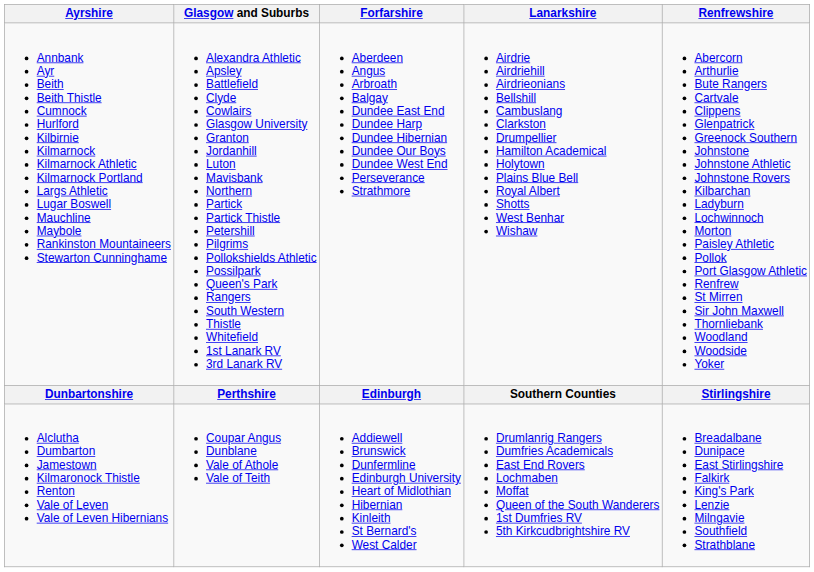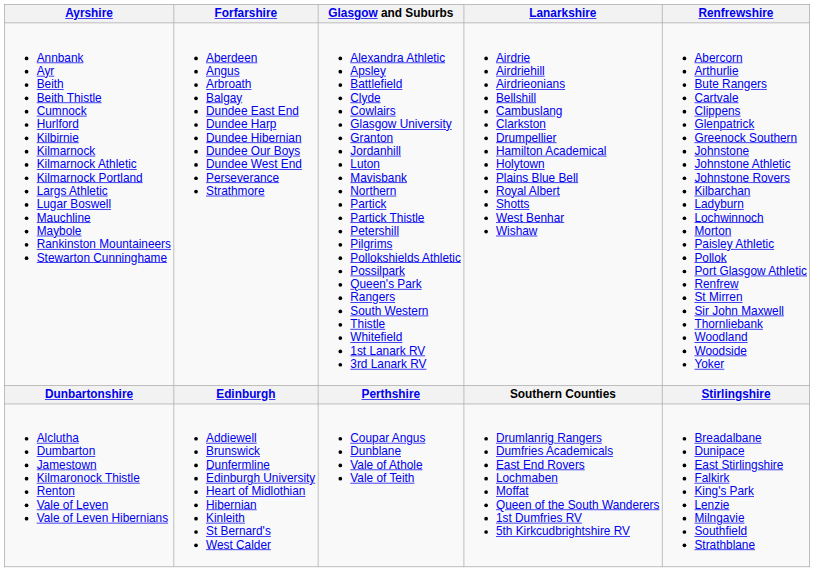 <table class="wikitable" style="text-align:left">
 <tr>
 <th><a href='#'>Ayrshire</a></th>
+<th><a href='#'>Forfarshire</a></th>
 <th><a href='#'>Glasgow</a> and Suburbs</th>
-<th><a href='#'>Forfarshire</a></th>
 <th><a href='#'>Lanarkshire</a></th>
 <th><a href='#'>Renfrewshire</a></th>
 </tr>
 <tr>
 <td valign=top><br><ul><li><a href='#'>Annbank</a></li><li><a href='#'>Ayr</a></li><li><a href='#'>Beith</a></li><li><a href='#'>Beith Thistle</a></li><li><a href='#'>Cumnock</a></li><li><a href='#'>Hurlford</a></li><li><a href='#'>Kilbirnie</a></li><li><a href='#'>Kilmarnock</a></li><li><a href='#'>Kilmarnock Athletic</a></li><li><a href='#'>Kilmarnock Portland</a></li><li><a href='#'>Largs Athletic</a></li><li><a href='#'>Lugar Boswell</a></li><li><a href='#'>Mauchline</a></li><li><a href='#'>Maybole</a></li><li><a href='#'>Rankinston Mountaineers</a></li><li><a href='#'>Stewarton Cunninghame</a></li></ul></td>
+<td valign=top><br><ul><li><a href='#'>Aberdeen</a></li><li><a href='#'>Angus</a></li><li><a href='#'>Arbroath</a></li><li><a href='#'>Balgay</a></li><li><a href='#'>Dundee East End</a></li><li><a href='#'>Dundee Harp</a></li><li><a href='#'>Dundee Hibernian</a></li><li><a href='#'>Dundee Our Boys</a></li><li><a href='#'>Dundee West End</a></li><li><a href='#'>Perseverance</a></li><li><a href='#'>Strathmore</a></li></ul></td>
 <td valign=top><br><ul><li><a href='#'>Alexandra Athletic</a></li><li><a href='#'>Apsley</a></li><li><a href='#'>Battlefield</a></li><li><a href='#'>Clyde</a></li><li><a href='#'>Cowlairs</a></li><li><a href='#'>Glasgow University</a></li><li><a href='#'>Granton</a></li><li><a href='#'>Jordanhill</a></li><li><a href='#'>Luton</a></li><li><a href='#'>Mavisbank</a></li><li><a href='#'>Northern</a></li><li><a href='#'>Partick</a></li><li><a href='#'>Partick Thistle</a></li><li><a href='#'>Petershill</a></li><li><a href='#'>Pilgrims</a></li><li><a href='#'>Pollokshields Athletic</a></li><li><a href='#'>Possilpark</a></li><li><a href='#'>Queen's Park</a></li><li><a href='#'>Rangers</a></li><li><a href='#'>South Western</a></li><li><a href='#'>Thistle</a></li><li><a href='#'>Whitefield</a></li><li><a href='#'>1st Lanark RV</a></li><li><a href='#'>3rd Lanark RV</a></li></ul></td>
-<td valign=top><br><ul><li><a href='#'>Aberdeen</a></li><li><a href='#'>Angus</a></li><li><a href='#'>Arbroath</a></li><li><a href='#'>Balgay</a></li><li><a href='#'>Dundee East End</a></li><li><a href='#'>Dundee Harp</a></li><li><a href='#'>Dundee Hibernian</a></li><li><a href='#'>Dundee Our Boys</a></li><li><a href='#'>Dundee West End</a></li><li><a href='#'>Perseverance</a></li><li><a href='#'>Strathmore</a></li></ul></td>
 <td valign=top><br><ul><li><a href='#'>Airdrie</a></li><li><a href='#'>Airdriehill</a></li><li><a href='#'>Airdrieonians</a></li><li><a href='#'>Bellshill</a></li><li><a href='#'>Cambuslang</a></li><li><a href='#'>Clarkston</a></li><li><a href='#'>Drumpellier</a></li><li><a href='#'>Hamilton Academical</a></li><li><a href='#'>Holytown</a></li><li><a href='#'>Plains Blue Bell</a></li><li><a href='#'>Royal Albert</a></li><li><a href='#'>Shotts</a></li><li><a href='#'>West Benhar</a></li><li><a href='#'>Wishaw</a></li></ul></td>
 <td valign=top><br><ul><li><a href='#'>Abercorn</a></li><li><a href='#'>Arthurlie</a></li><li><a href='#'>Bute Rangers</a></li><li><a href='#'>Cartvale</a></li><li><a href='#'>Clippens</a></li><li><a href='#'>Glenpatrick</a></li><li><a href='#'>Greenock Southern</a></li><li><a href='#'>Johnstone</a></li><li><a href='#'>Johnstone Athletic</a></li><li><a href='#'>Johnstone Rovers</a></li><li><a href='#'>Kilbarchan</a></li><li><a href='#'>Ladyburn</a></li><li><a href='#'>Lochwinnoch</a></li><li><a href='#'>Morton</a></li><li><a href='#'>Paisley Athletic</a></li><li><a href='#'>Pollok</a></li><li><a href='#'>Port Glasgow Athletic</a></li><li><a href='#'>Renfrew</a></li><li><a href='#'>St Mirren</a></li><li><a href='#'>Sir John Maxwell</a></li><li><a href='#'>Thornliebank</a></li><li><a href='#'>Woodland</a></li><li><a href='#'>Woodside</a></li><li><a href='#'>Yoker</a></li></ul></td>
 </tr>
 <tr>
 <th><a href='#'>Dunbartonshire</a></th>
+<th><a href='#'>Edinburgh</a></th>
 <th><a href='#'>Perthshire</a></th>
-<th><a href='#'>Edinburgh</a></th>
 <th>Southern Counties</th>
 <th><a href='#'>Stirlingshire</a></th>
 </tr>
 <tr>
 <td valign=top><br><ul><li><a href='#'>Alclutha</a></li><li><a href='#'>Dumbarton</a></li><li><a href='#'>Jamestown</a></li><li><a href='#'>Kilmaronock Thistle</a></li><li><a href='#'>Renton</a></li><li><a href='#'>Vale of Leven</a></li><li><a href='#'>Vale of Leven Hibernians</a></li></ul></td>
+<td valign=top><br><ul><li><a href='#'>Addiewell</a></li><li><a href='#'>Brunswick</a></li><li><a href='#'>Dunfermline</a></li><li><a href='#'>Edinburgh University</a></li><li><a href='#'>Heart of Midlothian</a></li><li><a href='#'>Hibernian</a></li><li><a href='#'>Kinleith</a></li><li><a href='#'>St Bernard's</a></li><li><a href='#'>West Calder</a></li></ul></td>
 <td valign=top><br><ul><li><a href='#'>Coupar Angus</a></li><li><a href='#'>Dunblane</a></li><li><a href='#'>Vale of Athole</a></li><li><a href='#'>Vale of Teith</a></li></ul></td>
-<td valign=top><br><ul><li><a href='#'>Addiewell</a></li><li><a href='#'>Brunswick</a></li><li><a href='#'>Dunfermline</a></li><li><a href='#'>Edinburgh University</a></li><li><a href='#'>Heart of Midlothian</a></li><li><a href='#'>Hibernian</a></li><li><a href='#'>Kinleith</a></li><li><a href='#'>St Bernard's</a></li><li><a href='#'>West Calder</a></li></ul></td>
 <td valign=top><br><ul><li><a href='#'>Drumlanrig Rangers</a></li><li><a href='#'>Dumfries Academicals</a></li><li><a href='#'>East End Rovers</a></li><li><a href='#'>Lochmaben</a></li><li><a href='#'>Moffat</a></li><li><a href='#'>Queen of the South Wanderers</a></li><li><a href='#'>1st Dumfries RV</a></li><li><a href='#'>5th Kirkcudbrightshire RV</a></li></ul></td>
 <td valign=top><br><ul><li><a href='#'>Breadalbane</a></li><li><a href='#'>Dunipace</a></li><li><a href='#'>East Stirlingshire</a></li><li><a href='#'>Falkirk</a></li><li><a href='#'>King's Park</a></li><li><a href='#'>Lenzie</a></li><li><a href='#'>Milngavie</a></li><li><a href='#'>Southfield</a></li><li><a href='#'>Strathblane</a></li></ul></td>
 </tr>
 </table>
